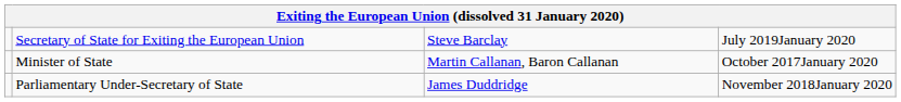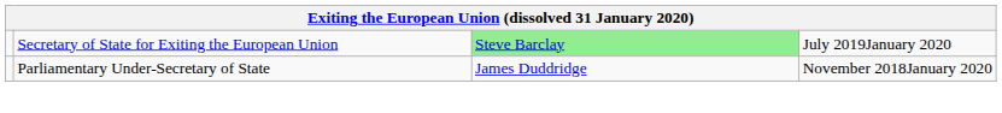 <table class="wikitable">
 <tr>
 <th colspan="4"><a href='#'>Exiting the European Union</a> (dissolved 31 January 2020)</th>
 </tr>
 <tr>
 <td style="width: 1px; background: "></td>
 <td style="width: 450px;"><a href='#'>Secretary of State for Exiting the European Union</a></td>
-<td style="width: 320px;"><a href='#'>Steve Barclay</a></td>
+<td style="background: lightgreen; width: 320px;"><a href='#'>Steve Barclay</a></td>
 <td>July 2019January 2020</td>
-</tr>
-<tr>
-<td style="width: 1px; background: "></td>
-<td style="width: 450px;">Minister of State</td>
-<td><a href='#'>Martin Callanan</a>, Baron Callanan</td>
-<td>October 2017January 2020</td>
 </tr>
 <tr>
 <td style="width: 1px; background: "></td>
 <td>Parliamentary Under-Secretary of State</td>
 <td><a href='#'>James Duddridge</a></td>
 <td>November 2018January 2020</td>
 </tr>
 </table>
